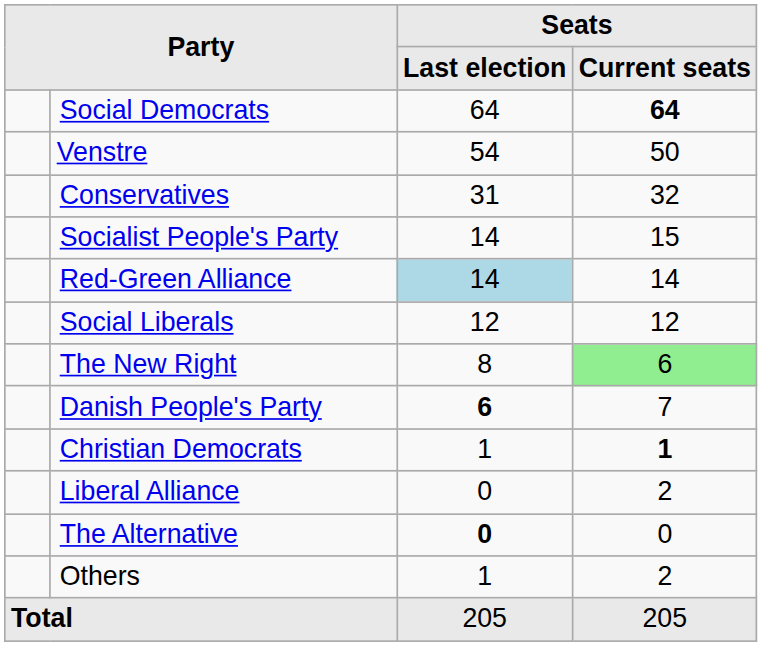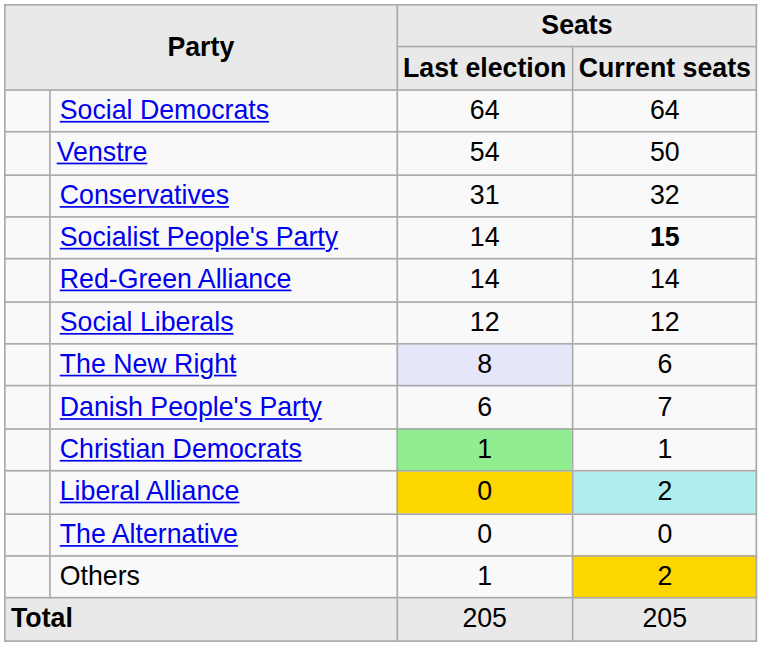 <table class="wikitable sortable">
 <tr>
 <th style=background-color:#E9E9E9 rowspan = 2 colspan=2>Party</th>
 <th style=background-color:#E9E9E9 colspan=3>Seats</th>
 </tr>
 <tr>
 <th style=background-color:#E9E9E9>Last election</th>
 <th style=background-color:#E9E9E9>Current seats<br></th>
 </tr>
 <tr>
 <td style="background:"></td>
 <td style=padding-left:5px;><a href='#'>Social Democrats</a></td>
 <td align=center>64</td>
-<td align=center><strong>64</strong></td>
+<td align=center>64</td>
 </tr>
 <tr>
 <td style="width:20px; background:"></td>
 <td style=width:200px padding-left:5px;><a href='#'>Venstre</a></td>
 <td align=center>54</td>
 <td align=center>50</td>
 </tr>
 <tr>
 <td style="background:"></td>
 <td style=padding-left:5px;><a href='#'>Conservatives</a></td>
 <td align=center>31</td>
 <td align=center>32</td>
 </tr>
 <tr>
 <td style="background:"></td>
 <td style=padding-left:5px;><a href='#'>Socialist People's Party</a></td>
 <td align=center>14</td>
-<td align=center>15</td>
+<td align=center><strong>15</strong></td>
 </tr>
 <tr>
 <td style="background:"></td>
 <td style=padding-left:5px;><a href='#'>Red-Green Alliance</a></td>
-<td align=center style="background: lightblue;">14</td>
+<td align=center>14</td>
 <td align=center>14</td>
 </tr>
 <tr>
 <td style="background:"></td>
 <td style=padding-left:5px;><a href='#'>Social Liberals</a></td>
 <td align=center>12</td>
 <td align=center>12</td>
 </tr>
 <tr>
 <td style="background:"></td>
 <td style=padding-left:5px;><a href='#'>The New Right</a></td>
-<td align=center>8</td>
-<td align=center style="background: lightgreen;">6</td>
+<td align=center style="background: lavender;">8</td>
+<td align=center>6</td>
 </tr>
 <tr>
 <td style="background:"></td>
 <td style=padding-left:5px;><a href='#'>Danish People's Party</a></td>
-<td align=center><strong>6</strong></td>
+<td align=center>6</td>
 <td align=center>7</td>
 </tr>
 <tr>
 <td style="background:"></td>
 <td style=padding-left:5px;><a href='#'>Christian Democrats</a></td>
+<td align=center style="background: lightgreen;">1</td>
 <td align=center>1</td>
-<td align=center><strong>1</strong></td>
 </tr>
 <tr>
 <td style="background:"></td>
 <td style=padding-left:5px;><a href='#'>Liberal Alliance</a></td>
-<td align=center>0</td>
-<td align=center>2</td>
+<td align=center style="background: gold;">0</td>
+<td align=center style="background: paleturquoise;">2</td>
 </tr>
 <tr>
 <td style="background:"></td>
 <td style=padding-left:5px;><a href='#'>The Alternative</a></td>
-<td align=center><strong>0</strong></td>
+<td align=center>0</td>
 <td align=center>0</td>
 </tr>
 <tr>
 <td style="background:"></td>
 <td style=padding-left:5px;>Others</td>
 <td align=center>1</td>
-<td align=center>2</td>
+<td align=center style="background: gold;">2</td>
 </tr>
 <tr>
 <td style=background-color:#E9E9E9 colspan=2><strong>Total</strong></td>
 <td align=center style=background-color:#E9E9E9>205</td>
 <td align=center style=background-color:#E9E9E9>205</td>
 </tr>
 </table>
